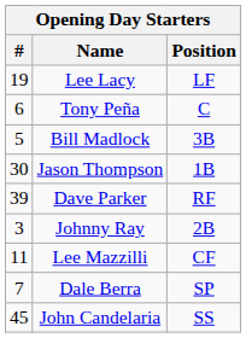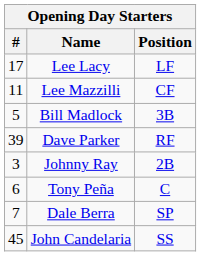 <table class="wikitable" style="text-align:center">
 <tr>
 <th colspan="3">Opening Day Starters</th>
 </tr>
 <tr>
 <th>#</th>
 <th>Name</th>
 <th>Position</th>
 </tr>
 <tr>
-<td>19</td>
+<td>17</td>
 <td><a href='#'>Lee Lacy</a></td>
 <td><a href='#'>LF</a></td>
 </tr>
 <tr>
-<td>6</td>
-<td><a href='#'>Tony Peña</a></td>
-<td><a href='#'>C</a></td>
+<td>11</td>
+<td><a href='#'>Lee Mazzilli</a></td>
+<td><a href='#'>CF</a></td>
 </tr>
 <tr>
 <td>5</td>
 <td><a href='#'>Bill Madlock</a></td>
 <td><a href='#'>3B</a></td>
-</tr>
-<tr>
-<td>30</td>
-<td><a href='#'>Jason Thompson</a></td>
-<td><a href='#'>1B</a></td>
 </tr>
 <tr>
 <td>39</td>
 <td><a href='#'>Dave Parker</a></td>
 <td><a href='#'>RF</a></td>
 </tr>
 <tr>
 <td>3</td>
 <td><a href='#'>Johnny Ray</a></td>
 <td><a href='#'>2B</a></td>
 </tr>
 <tr>
-<td>11</td>
-<td><a href='#'>Lee Mazzilli</a></td>
-<td><a href='#'>CF</a></td>
+<td>6</td>
+<td><a href='#'>Tony Peña</a></td>
+<td><a href='#'>C</a></td>
 </tr>
 <tr>
 <td>7</td>
 <td><a href='#'>Dale Berra</a></td>
 <td><a href='#'>SP</a></td>
 </tr>
 <tr>
 <td>45</td>
 <td><a href='#'>John Candelaria</a></td>
 <td><a href='#'>SS</a></td>
 </tr>
 </table>
